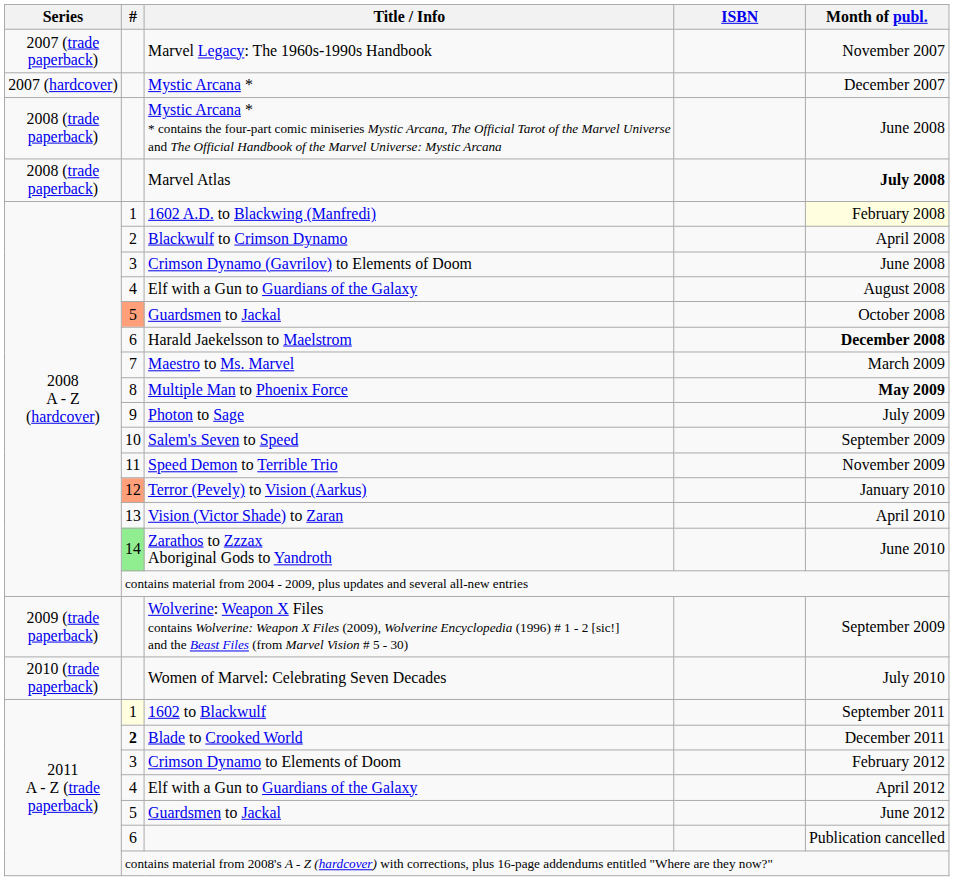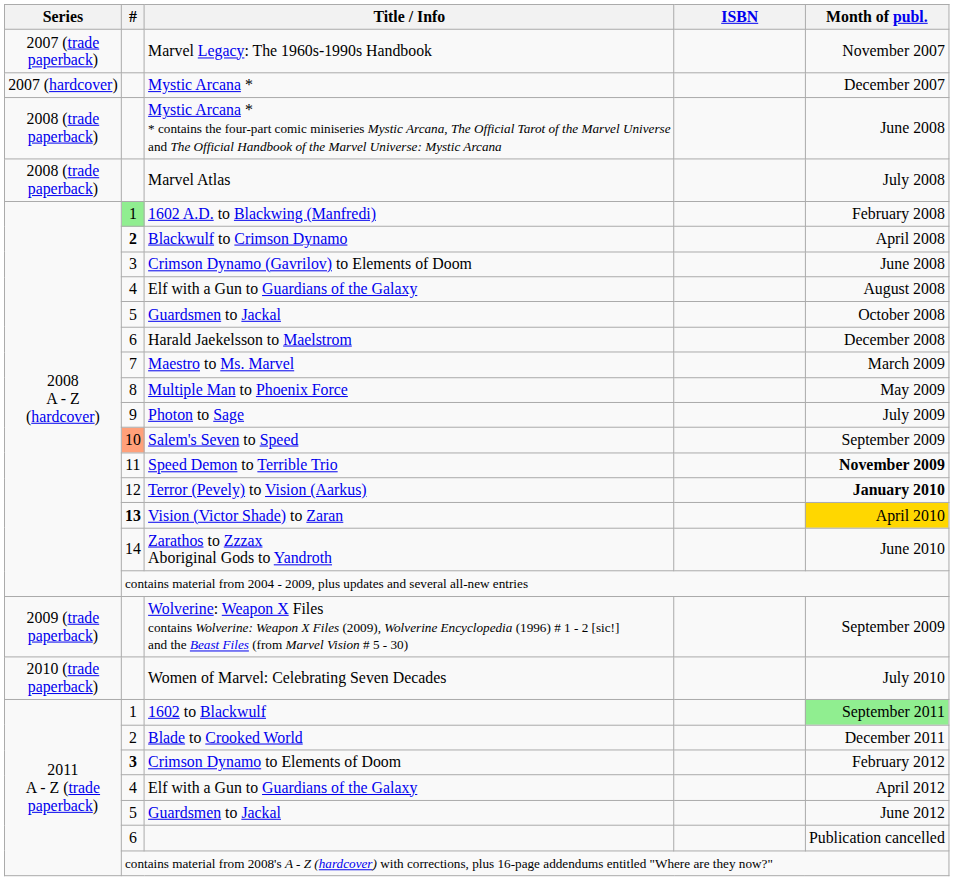 <table class="wikitable">
 <tr>
 <th width="80">Series</th>
 <th>#</th>
 <th>Title / Info</th>
 <th width="125"><a href='#'>ISBN</a></th>
 <th>Month of <a href='#'>publ.</a></th>
 </tr>
 <tr align="center">
 <td>2007 (<a href='#'>trade paperback</a>)</td>
 <td></td>
 <td align="left">Marvel <a href='#'>Legacy</a>: The 1960s-1990s Handbook</td>
 <td></td>
 <td align="right">November 2007</td>
 </tr>
 <tr align="center">
 <td>2007 (<a href='#'>hardcover</a>)</td>
 <td></td>
 <td align="left"><a href='#'>Mystic Arcana</a> *</td>
 <td></td>
 <td align="right">December 2007</td>
 </tr>
 <tr align="center">
 <td>2008 (<a href='#'>trade paperback</a>)</td>
 <td></td>
 <td align="left"><a href='#'>Mystic Arcana</a> *<br><small>* contains the four-part comic miniseries <em>Mystic Arcana</em>, <em>The Official Tarot of the Marvel Universe</em><br> and <em>The Official Handbook of the Marvel Universe: Mystic Arcana</em></small></td>
 <td></td>
 <td align="right">June 2008</td>
 </tr>
 <tr align="center">
 <td>2008 (<a href='#'>trade paperback</a>)</td>
 <td></td>
 <td align="left">Marvel Atlas</td>
 <td></td>
-<td align="right"><strong>July 2008</strong></td>
+<td align="right">July 2008</td>
 </tr>
 <tr align="center">
 <td rowspan="15">2008<br>A - Z (<a href='#'>hardcover</a>)</td>
-<td>1</td>
+<td style="background: lightgreen;">1</td>
 <td align="left"><a href='#'>1602 A.D.</a> to <a href='#'>Blackwing (Manfredi)</a></td>
 <td></td>
-<td align="right" style="background: lightyellow;">February 2008</td>
+<td align="right">February 2008</td>
 </tr>
 <tr align="center">
-<td>2</td>
+<td><strong>2</strong></td>
 <td align="left"><a href='#'>Blackwulf</a> to <a href='#'>Crimson Dynamo</a></td>
 <td></td>
 <td align="right">April 2008</td>
 </tr>
 <tr align="center">
 <td>3</td>
 <td align="left"><a href='#'>Crimson Dynamo (Gavrilov)</a> to Elements of Doom</td>
 <td></td>
 <td align="right">June 2008</td>
 </tr>
 <tr align="center">
 <td>4</td>
 <td align="left">Elf with a Gun to <a href='#'>Guardians of the Galaxy</a></td>
 <td></td>
 <td align="right">August 2008</td>
 </tr>
 <tr align="center">
-<td style="background: lightsalmon;">5</td>
+<td>5</td>
 <td align="left"><a href='#'>Guardsmen</a> to <a href='#'>Jackal</a></td>
 <td></td>
 <td align="right">October 2008</td>
 </tr>
 <tr align="center">
 <td>6</td>
 <td align="left">Harald Jaekelsson to <a href='#'>Maelstrom</a></td>
 <td></td>
-<td align="right"><strong>December 2008</strong></td>
+<td align="right">December 2008</td>
 </tr>
 <tr align="center">
 <td>7</td>
 <td align="left"><a href='#'>Maestro</a> to <a href='#'>Ms. Marvel</a></td>
 <td></td>
 <td align="right">March 2009</td>
 </tr>
 <tr align="center">
 <td>8</td>
 <td align="left"><a href='#'>Multiple Man</a> to <a href='#'>Phoenix Force</a></td>
 <td></td>
-<td align="right"><strong>May 2009</strong></td>
+<td align="right">May 2009</td>
 </tr>
 <tr align="center">
 <td>9</td>
 <td align="left"><a href='#'>Photon</a> to <a href='#'>Sage</a></td>
 <td></td>
 <td align="right">July 2009</td>
 </tr>
 <tr align="center">
-<td>10</td>
+<td style="background: lightsalmon;">10</td>
 <td align="left"><a href='#'>Salem's Seven</a> to <a href='#'>Speed</a></td>
 <td></td>
 <td align="right">September 2009</td>
 </tr>
 <tr align="center">
 <td>11</td>
 <td align="left"><a href='#'>Speed Demon</a> to <a href='#'>Terrible Trio</a></td>
 <td></td>
-<td align="right">November 2009</td>
+<td align="right"><strong>November 2009</strong></td>
 </tr>
 <tr align="center">
-<td style="background: lightsalmon;">12</td>
+<td>12</td>
 <td align="left"><a href='#'>Terror (Pevely)</a> to <a href='#'>Vision (Aarkus)</a></td>
 <td></td>
-<td align="right">January 2010</td>
+<td align="right"><strong>January 2010</strong></td>
 </tr>
 <tr align="center">
-<td>13</td>
+<td><strong>13</strong></td>
 <td align="left"><a href='#'>Vision (Victor Shade)</a> to <a href='#'>Zaran</a></td>
 <td></td>
-<td align="right">April 2010</td>
+<td align="right" style="background: gold;">April 2010</td>
 </tr>
 <tr align="center">
-<td style="background: lightgreen;">14</td>
+<td>14</td>
 <td align="left"><a href='#'>Zarathos</a> to <a href='#'>Zzzax</a><br>Aboriginal Gods to <a href='#'>Yandroth</a></td>
 <td></td>
 <td align="right">June 2010</td>
 </tr>
 <tr align="center">
 <td colspan="4" align="left"><small>contains material from 2004 - 2009, plus updates and several all-new entries</small></td>
 </tr>
 <tr align="center">
 <td>2009 (<a href='#'>trade paperback</a>)</td>
 <td></td>
 <td align="left"><a href='#'>Wolverine</a>: <a href='#'>Weapon X</a> Files<br><small>contains <em>Wolverine: Weapon X Files</em> (2009), <em>Wolverine Encyclopedia</em> (1996) # 1 - 2 [sic!]<br>and the <em><a href='#'>Beast Files</a></em> (from <em>Marvel Vision</em> # 5 - 30) </small></td>
 <td></td>
 <td align="right">September 2009</td>
 </tr>
 <tr align="center">
 <td>2010 (<a href='#'>trade paperback</a>)</td>
 <td></td>
 <td align="left">Women of Marvel: Celebrating Seven Decades</td>
 <td></td>
 <td align="right">July 2010</td>
 </tr>
 <tr align="center">
 <td rowspan="7">2011<br>A - Z (<a href='#'>trade paperback</a>)</td>
-<td style="background: lightyellow;">1</td>
+<td>1</td>
 <td align="left"><a href='#'>1602</a> to <a href='#'>Blackwulf</a></td>
 <td></td>
-<td align="right">September 2011</td>
+<td align="right" style="background: lightgreen;">September 2011</td>
 </tr>
 <tr align="center">
-<td><strong>2</strong></td>
+<td>2</td>
 <td align="left"><a href='#'>Blade</a> to <a href='#'>Crooked World</a></td>
 <td></td>
 <td align="right">December 2011</td>
 </tr>
 <tr align="center">
-<td>3</td>
+<td><strong>3</strong></td>
 <td align="left"><a href='#'>Crimson Dynamo</a> to Elements of Doom</td>
 <td></td>
 <td align="right">February 2012</td>
 </tr>
 <tr align="center">
 <td>4</td>
 <td align="left">Elf with a Gun to <a href='#'>Guardians of the Galaxy</a></td>
 <td></td>
 <td align="right">April 2012</td>
 </tr>
 <tr align="center">
 <td>5</td>
 <td align="left"><a href='#'>Guardsmen</a> to <a href='#'>Jackal</a></td>
 <td></td>
 <td align="right">June 2012</td>
 </tr>
 <tr align="center">
 <td>6</td>
 <td align="left"></td>
 <td></td>
 <td align="right">Publication cancelled</td>
 </tr>
 <tr align="center">
 <td colspan="4" align="left"><small>contains material from 2008's <em>A - Z (<a href='#'>hardcover</a>)</em> with corrections, plus 16-page addendums entitled "Where are they now?"</small></td>
 </tr>
 </table>
